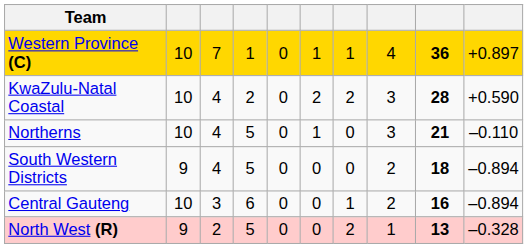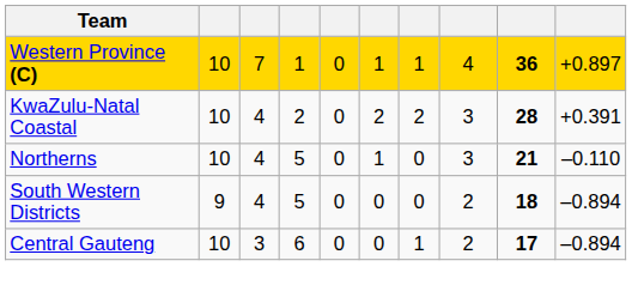 <table class="wikitable" style="text-align:center">
 <tr>
 <th width="150">Team</th>
 <th width="25"></th>
 <th width="25"></th>
 <th width="25"></th>
 <th width="25"></th>
 <th width="25"></th>
 <th width="25"></th>
 <th width="40"></th>
 <th width="40"></th>
 <th width="45"></th>
 </tr>
 <tr style="background:gold">
 <td style="text-align:left"><a href='#'>Western Province</a> <strong>(C)</strong></td>
 <td>10</td>
 <td>7</td>
 <td>1</td>
 <td>0</td>
 <td>1</td>
 <td>1</td>
 <td>4</td>
 <td><strong>36</strong></td>
 <td>+0.897</td>
 </tr>
 <tr>
 <td style="text-align:left"><a href='#'>KwaZulu-Natal Coastal</a></td>
 <td>10</td>
 <td>4</td>
 <td>2</td>
 <td>0</td>
 <td>2</td>
 <td>2</td>
 <td>3</td>
 <td><strong>28</strong></td>
-<td>+0.590</td>
+<td>+0.391</td>
 </tr>
 <tr>
 <td style="text-align:left"><a href='#'>Northerns</a></td>
 <td>10</td>
 <td>4</td>
 <td>5</td>
 <td>0</td>
 <td>1</td>
 <td>0</td>
 <td>3</td>
 <td><strong>21</strong></td>
 <td>–0.110</td>
 </tr>
 <tr>
 <td style="text-align:left"><a href='#'>South Western Districts</a></td>
 <td>9</td>
 <td>4</td>
 <td>5</td>
 <td>0</td>
 <td>0</td>
 <td>0</td>
 <td>2</td>
 <td><strong>18</strong></td>
 <td>–0.894</td>
 </tr>
 <tr>
 <td style="text-align:left"><a href='#'>Central Gauteng</a></td>
 <td>10</td>
 <td>3</td>
 <td>6</td>
 <td>0</td>
 <td>0</td>
 <td>1</td>
 <td>2</td>
-<td><strong>16</strong></td>
+<td><strong>17</strong></td>
 <td>–0.894</td>
 </tr>
-<tr style="background:#FFCCCC">
-<td style="text-align:left"><a href='#'>North West</a> <strong>(R)</strong></td>
-<td>9</td>
-<td>2</td>
-<td>5</td>
-<td>0</td>
-<td>0</td>
-<td>2</td>
-<td>1</td>
-<td><strong>13</strong></td>
-<td>–0.328</td>
-</tr>
 </table>
